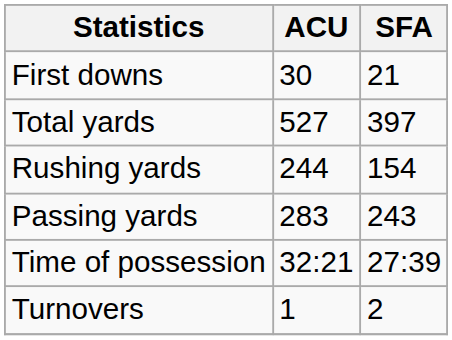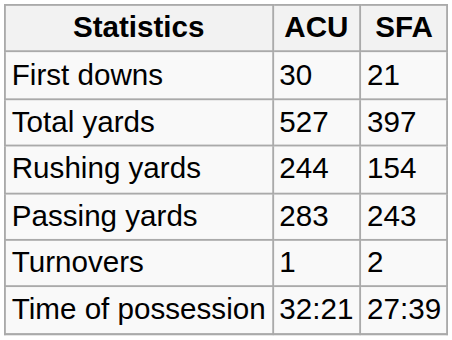 <table class="wikitable">
 <tr>
 <th>Statistics</th>
 <th>ACU</th>
 <th>SFA</th>
 </tr>
 <tr>
 <td>First downs</td>
 <td>30</td>
 <td>21</td>
 </tr>
 <tr>
 <td>Total yards</td>
 <td>527</td>
 <td>397</td>
 </tr>
 <tr>
 <td>Rushing yards</td>
 <td>244</td>
 <td>154</td>
 </tr>
 <tr>
 <td>Passing yards</td>
 <td>283</td>
 <td>243</td>
 </tr>
 <tr>
+<td>Turnovers</td>
+<td>1</td>
+<td>2</td>
+</tr>
+<tr>
 <td>Time of possession</td>
 <td>32:21</td>
 <td>27:39</td>
 </tr>
 <tr>
-<td>Turnovers</td>
-<td>1</td>
-<td>2</td>
-</tr>
-<tr>
 </tr>
 </table>
